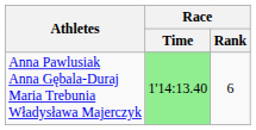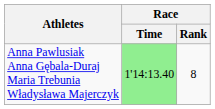 <table class="wikitable" border="1" style="font-size:90%">
 <tr>
 <th rowspan=2>Athletes</th>
 <th colspan=2>Race</th>
 </tr>
 <tr>
 <th>Time</th>
 <th>Rank</th>
 </tr>
 <tr>
 <td><a href='#'>Anna Pawlusiak</a><br><a href='#'>Anna Gębala-Duraj</a><br><a href='#'>Maria Trebunia</a><br><a href='#'>Władysława Majerczyk</a></td>
 <td align=center style="background: lightgreen;">1'14:13.40</td>
-<td align=center>6</td>
+<td align=center>8</td>
 </tr>
 </table>
